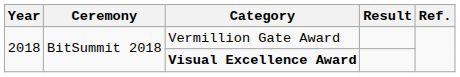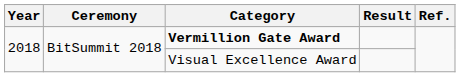 <table class="wikitable sortable">
 <tr>
 <th>Year</th>
 <th>Ceremony</th>
 <th>Category</th>
 <th>Result</th>
 <th>Ref.</th>
 </tr>
 <tr>
 <td rowspan="2">2018</td>
 <td rowspan="2">BitSummit 2018</td>
-<td>Vermillion Gate Award</td>
+<td><strong>Vermillion Gate Award</strong></td>
 <td></td>
 <td rowspan="2" align="center"></td>
 </tr>
 <tr>
-<td><strong>Visual Excellence Award</strong></td>
+<td>Visual Excellence Award</td>
 <td></td>
 </tr>
 </table>
